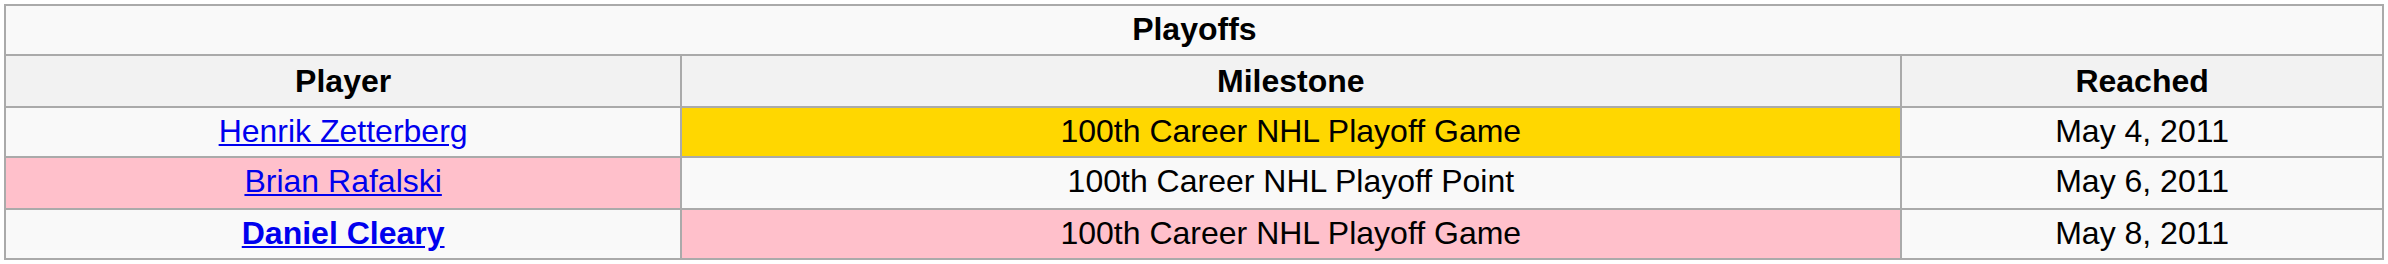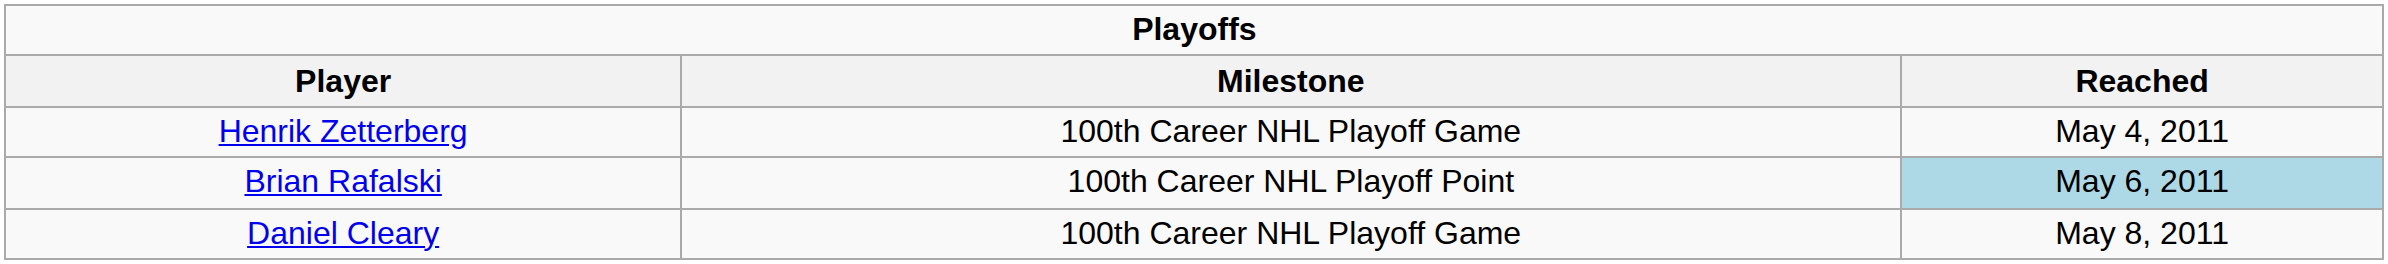 <table class="wikitable" style="width:60%; text-align:center;">
 <tr>
 <td colspan="10" style="text-align:center;"><strong>Playoffs</strong></td>
 </tr>
 <tr>
 <th>Player</th>
 <th>Milestone</th>
 <th>Reached</th>
 </tr>
 <tr>
 <td><a href='#'>Henrik Zetterberg</a></td>
-<td style="background: gold;">100th Career NHL Playoff Game</td>
+<td>100th Career NHL Playoff Game</td>
 <td>May 4, 2011</td>
 </tr>
 <tr>
-<td style="background: pink;"><a href='#'>Brian Rafalski</a></td>
+<td><a href='#'>Brian Rafalski</a></td>
 <td>100th Career NHL Playoff Point</td>
-<td>May 6, 2011</td>
+<td style="background: lightblue;">May 6, 2011</td>
 </tr>
 <tr>
-<td><strong><a href='#'>Daniel Cleary</a></strong></td>
-<td style="background: pink;">100th Career NHL Playoff Game</td>
+<td><a href='#'>Daniel Cleary</a></td>
+<td>100th Career NHL Playoff Game</td>
 <td>May 8, 2011</td>
 </tr>
 </table>
